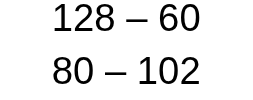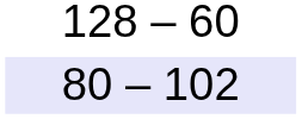 <table style="text-align:center;">
 <tr>
 <th width=200></th>
 <th width=100></th>
 <th width=200></th>
 <th></th>
 </tr>
 <tr>
 <td align=right><strong></strong></td>
 <td>128 – 60</td>
 <td align=left></td>
 </tr>
 <tr>
 <td align=right></td>
-<td>80 – 102</td>
+<td style="background: lavender;">80 – 102</td>
 <td align=left><strong></strong></td>
 </tr>
 </table>
